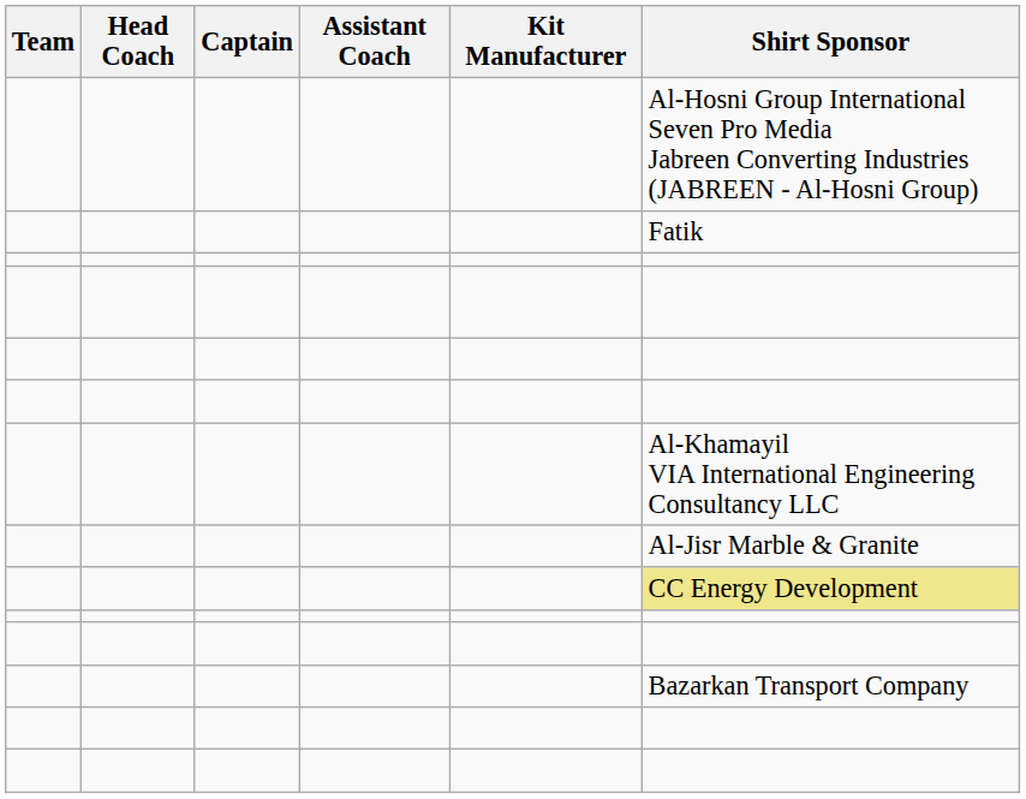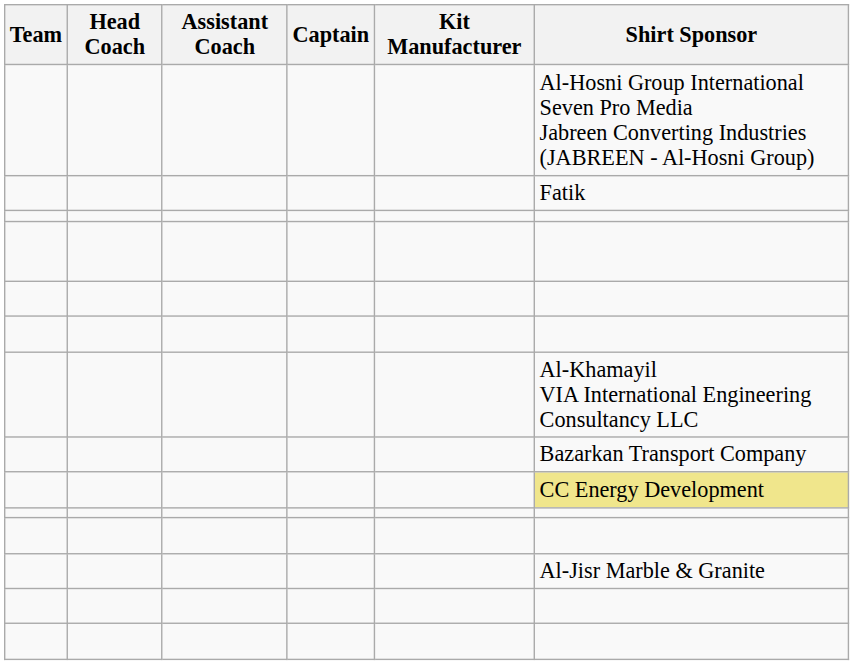 <table class="wikitable sortable" style="text-align: left;">
 <tr>
 <th>Team</th>
 <th>Head Coach</th>
+<th>Assistant Coach</th>
 <th>Captain</th>
-<th>Assistant Coach</th>
 <th>Kit Manufacturer</th>
 <th>Shirt Sponsor</th>
 </tr>
 <tr>
 <td></td>
 <td> </td>
 <td> </td>
 <td> </td>
 <td><br></td>
 <td>Al-Hosni Group International<br>Seven Pro Media<br>Jabreen Converting Industries (JABREEN - Al-Hosni Group)</td>
 </tr>
 <tr>
 <td></td>
 <td> </td>
 <td> </td>
 <td> </td>
 <td></td>
 <td>Fatik</td>
 </tr>
 <tr>
 <td></td>
 <td> </td>
 <td> </td>
 <td> </td>
 <td></td>
 <td></td>
 </tr>
 <tr>
 <td></td>
 <td> </td>
+<td> </td>
 <td> <br> <br> </td>
-<td> </td>
 <td></td>
 <td></td>
 </tr>
 <tr>
 <td></td>
 <td> </td>
+<td> </td>
 <td> <br> </td>
-<td> </td>
 <td></td>
 <td></td>
 </tr>
 <tr>
 <td></td>
 <td> </td>
+<td></td>
 <td> <br> </td>
-<td></td>
 <td></td>
 <td></td>
 </tr>
 <tr>
 <td></td>
 <td> </td>
+<td> </td>
 <td> <br> </td>
-<td> </td>
 <td></td>
 <td>Al-Khamayil<br>VIA International Engineering Consultancy LLC</td>
 </tr>
 <tr>
 <td></td>
 <td> </td>
+<td> </td>
 <td> <br> </td>
-<td> </td>
 <td></td>
-<td>Al-Jisr Marble & Granite</td>
+<td>Bazarkan Transport Company</td>
 </tr>
 <tr>
 <td></td>
 <td> </td>
+<td></td>
 <td> </td>
-<td></td>
 <td></td>
 <td style="background: khaki;">CC Energy Development</td>
 </tr>
 <tr>
 <td></td>
 <td> </td>
 <td> </td>
 <td> </td>
 <td></td>
 <td></td>
 </tr>
 <tr>
 <td></td>
 <td> </td>
+<td> </td>
 <td> <br> </td>
-<td> </td>
 <td><br></td>
 <td></td>
 </tr>
 <tr>
 <td></td>
 <td> </td>
 <td> </td>
 <td> </td>
 <td></td>
-<td>Bazarkan Transport Company</td>
+<td>Al-Jisr Marble & Granite</td>
 </tr>
 <tr>
 <td></td>
 <td> </td>
+<td></td>
 <td> <br> </td>
-<td></td>
 <td></td>
 <td></td>
 </tr>
 <tr>
 <td></td>
 <td> </td>
+<td> </td>
 <td> <br> </td>
-<td> </td>
 <td></td>
 <td></td>
 </tr>
 </table>
